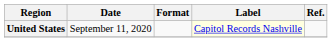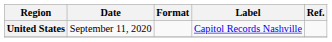 <table class="wikitable plainrowheaders">
 <tr>
 <th scope="col">Region</th>
 <th scope="col">Date</th>
 <th scope="col">Format</th>
 <th scope="col">Label</th>
 <th scope="col">Ref.</th>
 </tr>
 <tr>
 <th scope="row">United States</th>
 <td>September 11, 2020</td>
 <td></td>
-<td style="background: lightyellow;"><a href='#'>Capitol Records Nashville</a></td>
+<td><a href='#'>Capitol Records Nashville</a></td>
 <td></td>
 </tr>
 <tr>
 </tr>
 </table>
